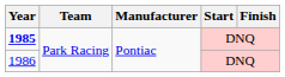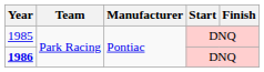 <table class="wikitable" style="font-size: 90%;">
 <tr>
 <th>Year</th>
 <th>Team</th>
 <th>Manufacturer</th>
 <th>Start</th>
 <th>Finish</th>
 </tr>
 <tr>
-<td><strong><a href='#'>1985</a></strong></td>
+<td><a href='#'>1985</a></td>
 <td rowspan=2><a href='#'>Park Racing</a></td>
 <td rowspan=2><a href='#'>Pontiac</a></td>
 <td align=center colspan=2 style="background:#FFCFCF;">DNQ</td>
 </tr>
 <tr>
-<td><a href='#'>1986</a></td>
+<td><strong><a href='#'>1986</a></strong></td>
 <td align=center colspan=2 style="background:#FFCFCF;">DNQ</td>
 </tr>
 </table>
